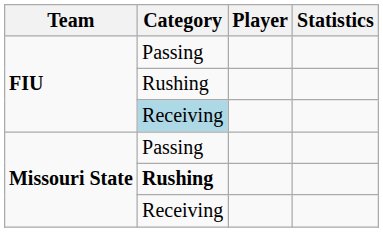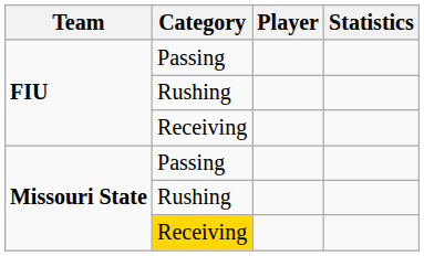 <table class="wikitable" style="float: right;">
 <tr>
 <th>Team</th>
 <th>Category</th>
 <th>Player</th>
 <th>Statistics</th>
 </tr>
 <tr>
 <td rowspan=3><strong>FIU</strong></td>
 <td>Passing</td>
 <td></td>
 <td></td>
 </tr>
 <tr>
 <td>Rushing</td>
 <td></td>
 <td></td>
 </tr>
 <tr>
-<td style="background: lightblue;">Receiving</td>
+<td>Receiving</td>
 <td></td>
 <td></td>
 </tr>
 <tr>
 <td rowspan=3><strong>Missouri State</strong></td>
 <td>Passing</td>
 <td></td>
 <td></td>
 </tr>
 <tr>
-<td><strong>Rushing</strong></td>
+<td>Rushing</td>
 <td></td>
 <td></td>
 </tr>
 <tr>
-<td>Receiving</td>
+<td style="background: gold;">Receiving</td>
 <td></td>
 <td></td>
 </tr>
 </table>
